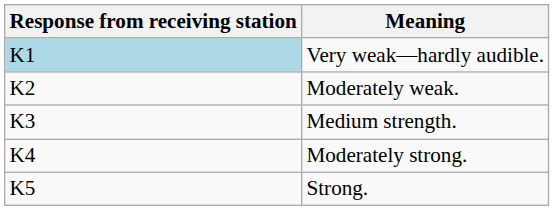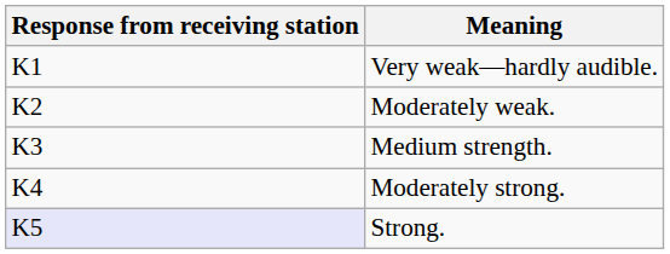 <table class="wikitable">
 <tr>
 <th>Response from receiving station</th>
 <th>Meaning</th>
 </tr>
 <tr>
-<td style="background: lightblue;">K1</td>
+<td>K1</td>
 <td>Very weak—hardly audible.</td>
 </tr>
 <tr>
 <td>K2</td>
 <td>Moderately weak.</td>
 </tr>
 <tr>
 <td>K3</td>
 <td>Medium strength.</td>
 </tr>
 <tr>
 <td>K4</td>
 <td>Moderately strong.</td>
 </tr>
 <tr>
-<td>K5</td>
+<td style="background: lavender;">K5</td>
 <td>Strong.</td>
 </tr>
 </table>
